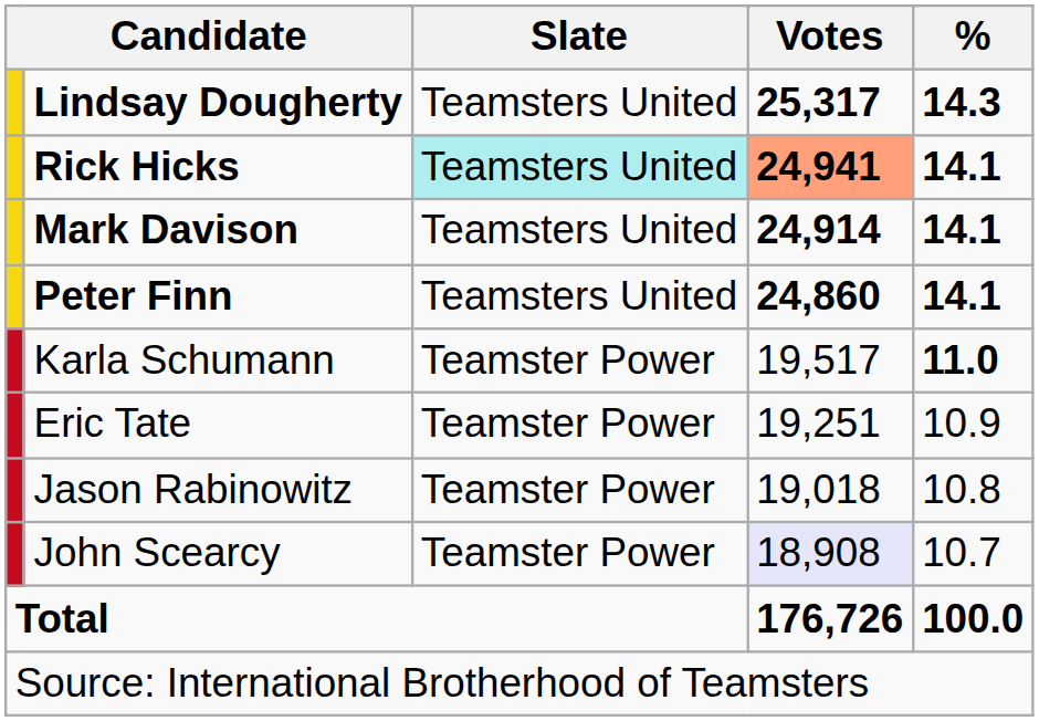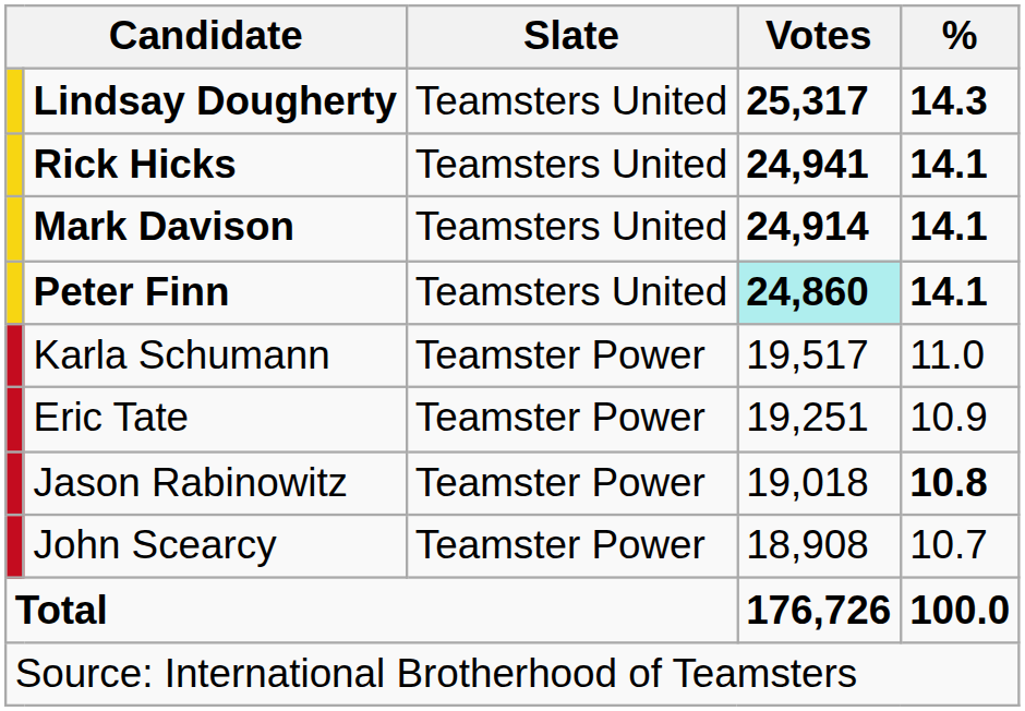 <table class="wikitable defaultright col1left col2left col3left">
 <tr>
 <th colspan=2>Candidate</th>
 <th>Slate</th>
 <th>Votes</th>
 <th>%</th>
 </tr>
 <tr>
 <td style="background: #F7D612"></td>
 <td><strong>Lindsay Dougherty</strong></td>
 <td style="white-space: nowrap">Teamsters United</td>
 <td><strong>25,317</strong></td>
 <td><strong>14.3</strong></td>
 </tr>
 <tr>
 <td style="background: #F7D612"></td>
 <td><strong>Rick Hicks</strong></td>
-<td style="background: paleturquoise;">Teamsters United</td>
-<td style="background: lightsalmon;"><strong>24,941</strong></td>
+<td>Teamsters United</td>
+<td><strong>24,941</strong></td>
 <td><strong>14.1</strong></td>
 </tr>
 <tr>
 <td style="background: #F7D612"></td>
 <td><strong>Mark Davison</strong></td>
 <td>Teamsters United</td>
 <td><strong>24,914</strong></td>
 <td><strong>14.1</strong></td>
 </tr>
 <tr>
 <td style="background: #F7D612"></td>
 <td><strong>Peter Finn</strong></td>
 <td>Teamsters United</td>
-<td><strong>24,860</strong></td>
+<td style="background: paleturquoise;"><strong>24,860</strong></td>
 <td><strong>14.1</strong></td>
 </tr>
 <tr>
 <td style="background: #C40C1F"></td>
 <td>Karla Schumann</td>
 <td>Teamster Power</td>
 <td>19,517</td>
-<td><strong>11.0</strong></td>
+<td>11.0</td>
 </tr>
 <tr>
 <td style="background: #C40C1F"></td>
 <td>Eric Tate</td>
 <td>Teamster Power</td>
 <td>19,251</td>
 <td>10.9</td>
 </tr>
 <tr>
 <td style="background: #C40C1F"></td>
 <td>Jason Rabinowitz</td>
 <td>Teamster Power</td>
 <td>19,018</td>
-<td>10.8</td>
+<td><strong>10.8</strong></td>
 </tr>
 <tr>
 <td style="background: #C40C1F"></td>
 <td>John Scearcy</td>
 <td>Teamster Power</td>
-<td style="background: lavender;">18,908</td>
+<td>18,908</td>
 <td>10.7</td>
 </tr>
 <tr style="font-weight: bold">
 <td colspan=3>Total</td>
 <td style="text-align: right">176,726</td>
 <td style="text-align: right">100.0</td>
 </tr>
 <tr>
 <td colspan=5>Source: International Brotherhood of Teamsters</td>
 </tr>
 </table>
